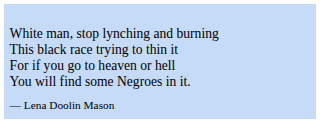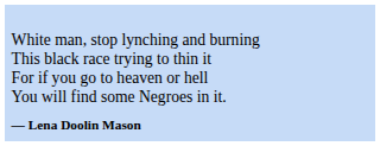 <table class="toccolours" style="float: right; margin-left: 1em; margin-right: 1em; font-size: 85%; background:#c6dbf7; color:black; width:23em; max-width: 25%;" cellspacing="5">
 <tr>
 <td style="text-align: left;"><br>White man, stop lynching and burning<br> This black race trying to thin it<br> For if you go to heaven or hell<br> You will find some Negroes in it.</td>
 </tr>
 <tr>
-<td style="text-align: left;"><small>— Lena Doolin Mason</small></td>
+<td style="text-align: left;"><strong><small>— Lena Doolin Mason</small></strong></td>
 </tr>
 </table>
